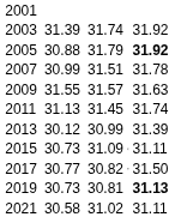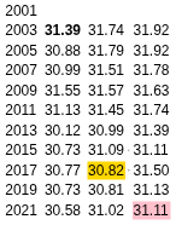 <table>
 <tr>
 <td>2001</td>
 <td></td>
 <td></td>
 <td></td>
 <td></td>
 <td></td>
 <td></td>
 </tr>
 <tr>
 <td>2003</td>
 <td></td>
-<td>31.39</td>
+<td><strong>31.39</strong></td>
 <td></td>
 <td>31.74</td>
 <td></td>
 <td>31.92</td>
 </tr>
 <tr>
 <td>2005</td>
 <td></td>
 <td>30.88</td>
 <td></td>
 <td>31.79</td>
 <td></td>
-<td><strong>31.92</strong></td>
+<td>31.92</td>
 </tr>
 <tr>
 <td>2007</td>
 <td></td>
 <td>30.99</td>
 <td></td>
 <td>31.51</td>
 <td></td>
 <td>31.78</td>
 </tr>
 <tr>
 <td>2009</td>
 <td></td>
 <td>31.55</td>
 <td></td>
 <td>31.57</td>
 <td></td>
 <td>31.63</td>
 </tr>
 <tr>
 <td>2011</td>
 <td></td>
 <td>31.13</td>
 <td></td>
 <td>31.45</td>
 <td></td>
 <td>31.74</td>
 </tr>
 <tr>
 <td>2013</td>
 <td></td>
 <td>30.12</td>
 <td></td>
 <td>30.99</td>
 <td></td>
 <td>31.39</td>
 </tr>
 <tr>
 <td>2015</td>
 <td></td>
 <td>30.73</td>
 <td></td>
 <td>31.09</td>
 <td><hr></td>
 <td>31.11</td>
 </tr>
 <tr>
 <td>2017</td>
 <td></td>
 <td>30.77</td>
 <td></td>
-<td>30.82</td>
+<td style="background: gold;">30.82</td>
 <td><hr></td>
 <td>31.50</td>
 </tr>
 <tr>
 <td>2019</td>
 <td></td>
 <td>30.73</td>
 <td></td>
 <td>30.81</td>
 <td></td>
-<td><strong>31.13</strong></td>
+<td>31.13</td>
 </tr>
 <tr>
 <td>2021</td>
 <td></td>
 <td>30.58</td>
 <td></td>
 <td>31.02</td>
 <td></td>
-<td>31.11</td>
+<td style="background: pink;">31.11</td>
 </tr>
 </table>
